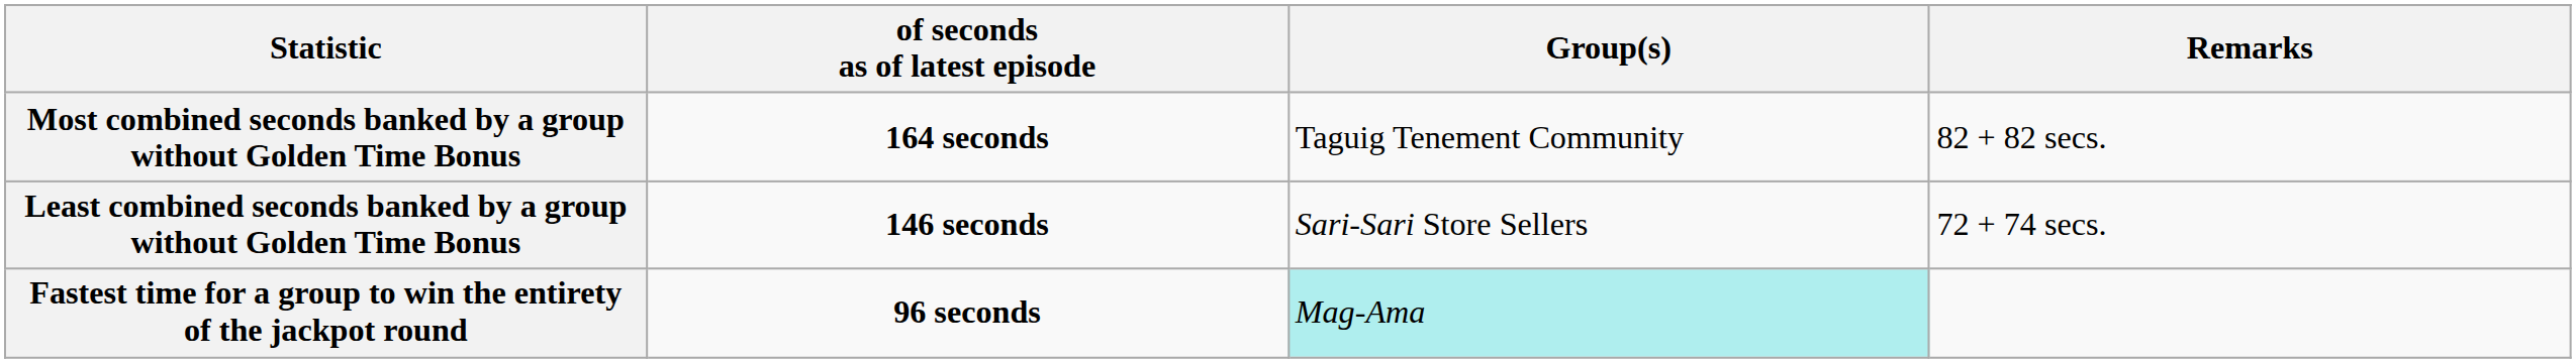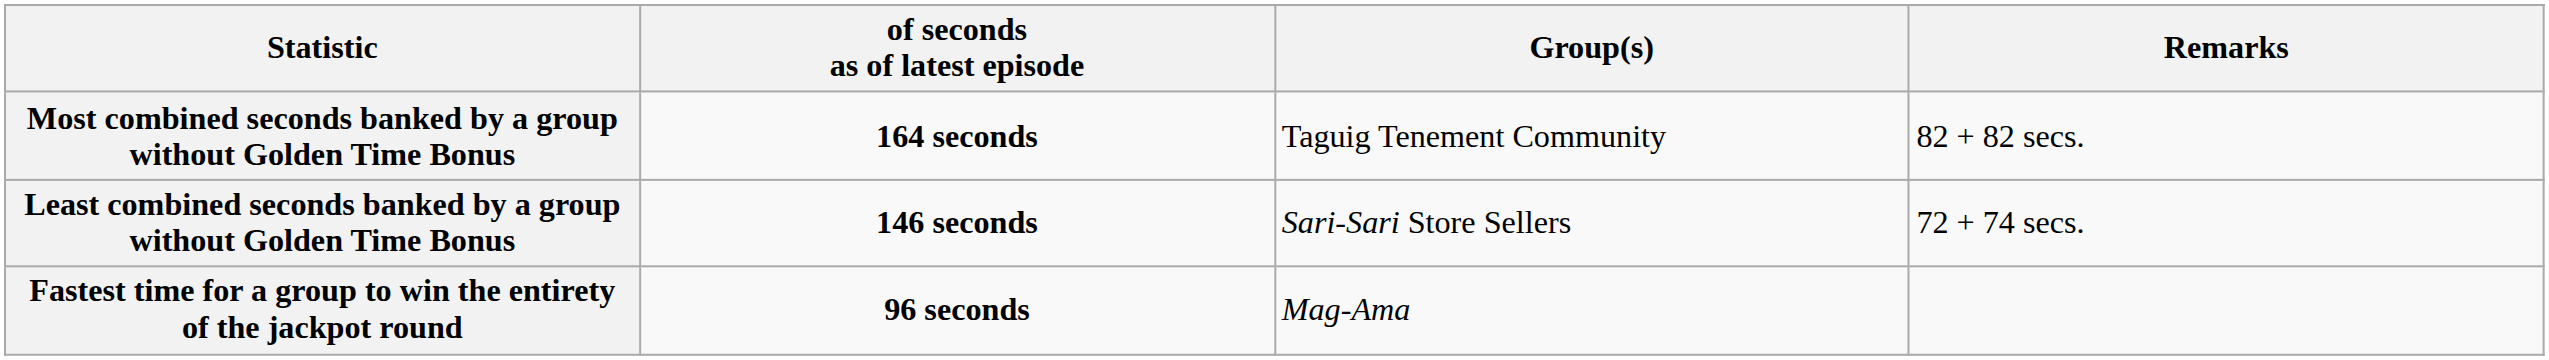 <table class="wikitable sortable" style="text-align:center; font-size:100%; line-height:18px;" width="100%">
 <tr>
 </tr>
 <tr>
 <th width="25%">Statistic</th>
 <th width="25%"> of seconds<br>as of latest episode</th>
 <th width="25%">Group(s)</th>
 <th width="25%">Remarks</th>
 </tr>
 <tr>
 <th align="justify">Most combined seconds banked by a group without Golden Time Bonus</th>
 <td><strong>164 seconds</strong></td>
 <td align="justify">Taguig Tenement Community</td>
 <td align="justify">82 + 82 secs.</td>
 </tr>
 <tr>
 <th align="justify">Least combined seconds banked by a group without Golden Time Bonus</th>
 <td><strong>146 seconds</strong></td>
 <td align="justify"><em>Sari-Sari</em> Store Sellers</td>
 <td align="justify">72 + 74 secs.</td>
 </tr>
 <tr>
 <th align="justify">Fastest time for a group to win the entirety of the jackpot round</th>
 <td><strong>96 seconds</strong></td>
-<td align="justify" style="background: paleturquoise;"><em>Mag-Ama</em></td>
+<td align="justify"><em>Mag-Ama</em></td>
 <td align="justify"></td>
 </tr>
 </table>
